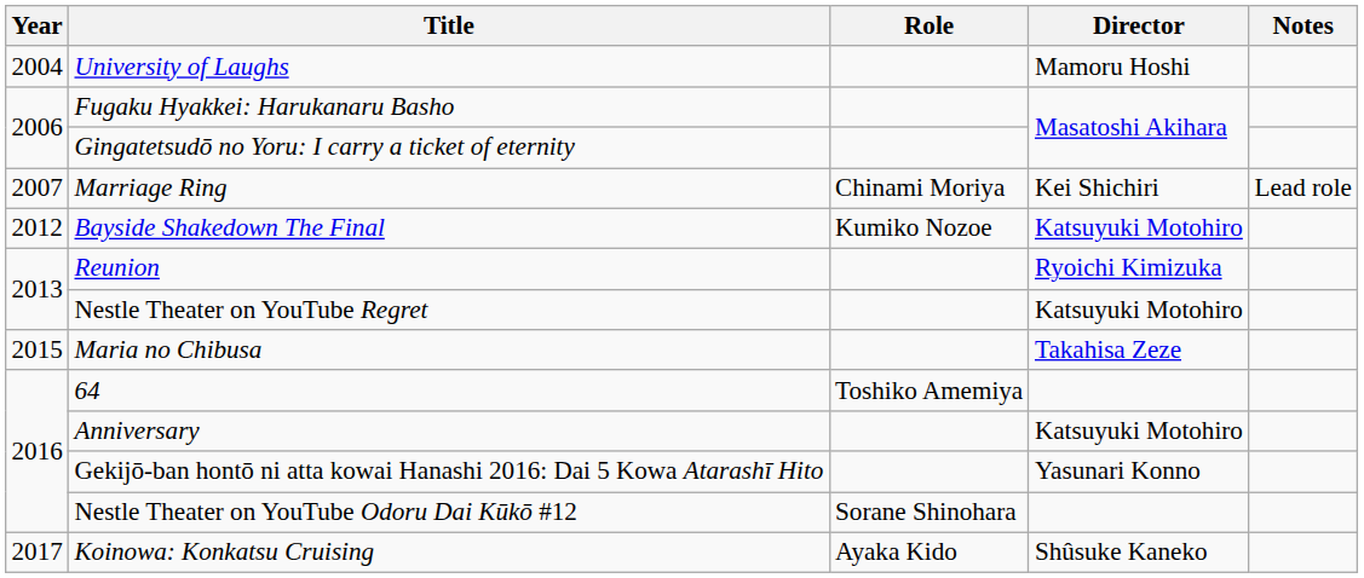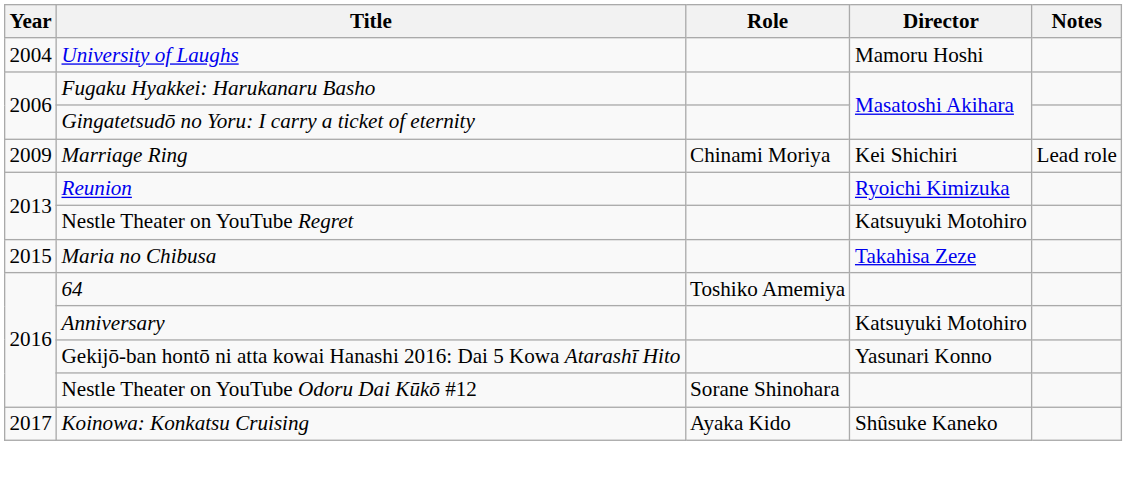 <table class="wikitable">
 <tr>
 <th>Year</th>
 <th>Title</th>
 <th>Role</th>
 <th>Director</th>
 <th>Notes</th>
 </tr>
 <tr>
 <td>2004</td>
 <td><em><a href='#'>University of Laughs</a></em></td>
 <td></td>
 <td>Mamoru Hoshi</td>
 <td></td>
 </tr>
 <tr>
 <td rowspan="2'">2006</td>
 <td><em>Fugaku Hyakkei: Harukanaru Basho</em></td>
 <td></td>
 <td rowspan="2"><a href='#'>Masatoshi Akihara</a></td>
 <td></td>
 </tr>
 <tr>
 <td><em>Gingatetsudō no Yoru: I carry a ticket of eternity</em></td>
 <td></td>
 <td></td>
 </tr>
 <tr>
-<td>2007</td>
+<td>2009</td>
 <td><em>Marriage Ring</em></td>
 <td>Chinami Moriya</td>
 <td>Kei Shichiri</td>
 <td>Lead role</td>
-</tr>
-<tr>
-<td>2012</td>
-<td><em><a href='#'>Bayside Shakedown The Final</a></em></td>
-<td>Kumiko Nozoe</td>
-<td><a href='#'>Katsuyuki Motohiro</a></td>
-<td></td>
 </tr>
 <tr>
 <td rowspan="2">2013</td>
 <td><em><a href='#'>Reunion</a></em></td>
 <td></td>
 <td><a href='#'>Ryoichi Kimizuka</a></td>
 <td></td>
 </tr>
 <tr>
 <td>Nestle Theater on YouTube <em>Regret</em></td>
 <td></td>
 <td>Katsuyuki Motohiro</td>
 <td></td>
 </tr>
 <tr>
 <td>2015</td>
 <td><em>Maria no Chibusa</em></td>
 <td></td>
 <td><a href='#'>Takahisa Zeze</a></td>
 <td></td>
 </tr>
 <tr>
 <td rowspan="4">2016</td>
 <td><em>64</em></td>
 <td>Toshiko Amemiya</td>
 <td></td>
 <td></td>
 </tr>
 <tr>
 <td><em>Anniversary</em></td>
 <td></td>
 <td>Katsuyuki Motohiro</td>
 <td></td>
 </tr>
 <tr>
 <td>Gekijō-ban hontō ni atta kowai Hanashi 2016: Dai 5 Kowa <em>Atarashī Hito</em></td>
 <td></td>
 <td>Yasunari Konno</td>
 <td></td>
 </tr>
 <tr>
 <td>Nestle Theater on YouTube <em>Odoru Dai Kūkō</em> #12</td>
 <td>Sorane Shinohara</td>
 <td></td>
 <td></td>
 </tr>
 <tr>
 <td>2017</td>
 <td><em>Koinowa: Konkatsu Cruising</em></td>
 <td>Ayaka Kido</td>
 <td>Shûsuke Kaneko</td>
 <td></td>
 </tr>
 </table>
